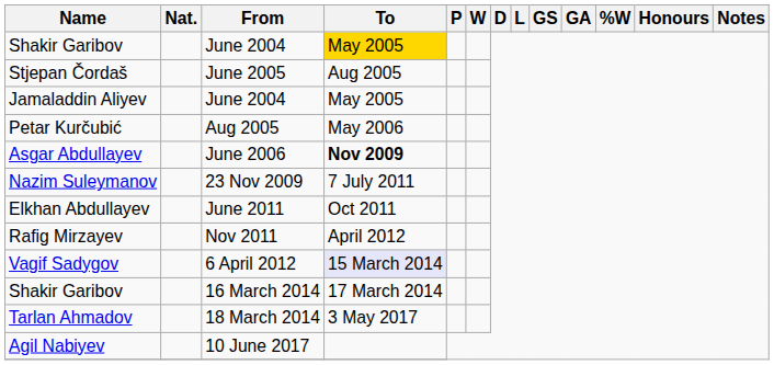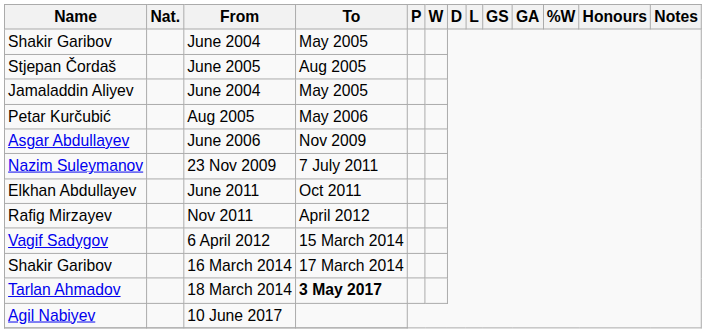 <table class="wikitable sortable" style="text-align: center">
 <tr>
 <th>Name</th>
 <th>Nat.</th>
 <th class="unsortable">From</th>
 <th class="unsortable">To</th>
 <th abbr="TOTAL OF MATCHES PLAYED">P</th>
 <th abbr="MATCHES WON">W</th>
 <th abbr="MATCHES DRAWN">D</th>
 <th abbr="MATCHES LOST">L</th>
 <th abbr="GOALS SCORED">GS</th>
 <th abbr="GOAL AGAINST">GA</th>
 <th abbr="PERCENTAGE OF MATCHES WON">%W</th>
 <th abbr="HONOURS">Honours</th>
 <th abbr="NOTES">Notes</th>
 </tr>
 <tr>
 <td align=left>Shakir Garibov</td>
 <td align=left></td>
 <td align=left>June 2004</td>
-<td align=left style="background: gold;">May 2005<br></td>
+<td align=left>May 2005<br></td>
 <td></td>
 <td></td>
 </tr>
 <tr>
 <td align=left>Stjepan Čordaš</td>
 <td align=left></td>
 <td align=left>June 2005</td>
 <td align=left>Aug 2005<br></td>
 <td></td>
 <td></td>
 </tr>
 <tr>
 <td align=left>Jamaladdin Aliyev </td>
 <td></td>
 <td align=left>June 2004</td>
 <td align=left>May 2005<br></td>
 <td></td>
 <td></td>
 </tr>
 <tr>
 <td align=left>Petar Kurčubić</td>
 <td align=left></td>
 <td align=left>Aug 2005</td>
 <td align=left>May 2006<br></td>
 <td></td>
 <td></td>
 </tr>
 <tr>
 <td align=left><a href='#'>Asgar Abdullayev</a></td>
 <td align=left></td>
 <td align=left>June 2006</td>
-<td align=left><strong>Nov 2009<br></strong></td>
+<td align=left>Nov 2009<br></td>
 <td></td>
 <td></td>
 </tr>
 <tr>
 <td align=left><a href='#'>Nazim Suleymanov</a></td>
 <td align=left></td>
 <td align=left>23 Nov 2009</td>
 <td align=left>7 July 2011<br></td>
 <td></td>
 <td></td>
 </tr>
 <tr>
 <td align=left>Elkhan Abdullayev </td>
 <td align=left></td>
 <td align=left>June 2011</td>
 <td align=left>Oct 2011<br></td>
 <td></td>
 <td></td>
 </tr>
 <tr>
 <td align=left>Rafig Mirzayev</td>
 <td align=left></td>
 <td align=left>Nov 2011</td>
 <td align=left>April 2012<br></td>
 <td></td>
 <td></td>
 </tr>
 <tr>
 <td align=left><a href='#'>Vagif Sadygov</a></td>
 <td align=left></td>
 <td align=left>6 April 2012</td>
-<td align=left style="background: lavender;">15 March 2014<br></td>
+<td align=left>15 March 2014<br></td>
 <td></td>
 <td></td>
 </tr>
 <tr>
 <td align=left>Shakir Garibov</td>
 <td align=left></td>
 <td align=left>16 March 2014</td>
 <td align=left>17 March 2014<br></td>
 <td></td>
 <td></td>
 </tr>
 <tr>
 <td align=left><a href='#'>Tarlan Ahmadov</a></td>
 <td align=left></td>
 <td align=left>18 March 2014</td>
-<td align=left>3 May 2017<br></td>
+<td align=left><strong>3 May 2017<br></strong></td>
 <td></td>
 <td></td>
 </tr>
 <tr>
 <td align=left><a href='#'>Agil Nabiyev</a></td>
 <td align=left></td>
 <td align=left>10 June 2017</td>
 <td align=left></td>
 </tr>
 <tr>
 </tr>
 </table>
